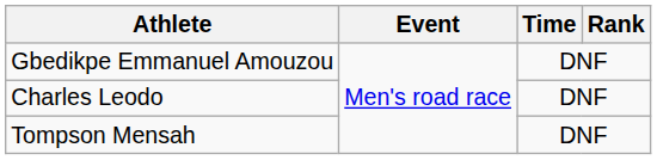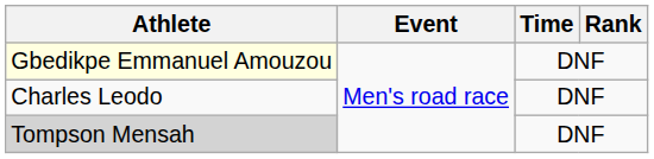 <table class=wikitable style="font-size:90%">
 <tr>
 <th>Athlete</th>
 <th>Event</th>
 <th>Time</th>
 <th>Rank</th>
 </tr>
 <tr align=center>
-<td align=left>Gbedikpe Emmanuel Amouzou</td>
+<td align=left style="background: lightyellow;">Gbedikpe Emmanuel Amouzou</td>
 <td style="text-align:left;" rowspan="3"><a href='#'>Men's road race</a></td>
 <td colspan=2>DNF</td>
 </tr>
 <tr align=center>
 <td align=left>Charles Leodo</td>
 <td colspan=2>DNF</td>
 </tr>
 <tr align=center>
-<td style="text-align:left;">Tompson Mensah</td>
+<td style="background: lightgrey; text-align:left;">Tompson Mensah</td>
 <td colspan=2>DNF</td>
 </tr>
 </table>
